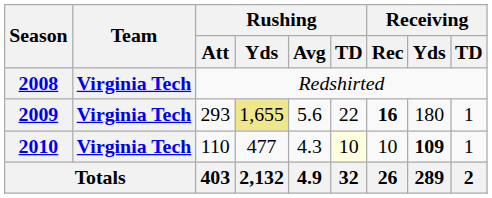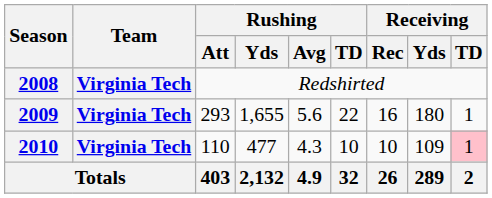 <table class="wikitable" style="text-align:center;">
 <tr>
 <th rowspan="2">Season</th>
 <th rowspan="2">Team</th>
 <th colspan="4">Rushing</th>
 <th colspan="3">Receiving</th>
 </tr>
 <tr>
 <th>Att</th>
 <th>Yds</th>
 <th>Avg</th>
 <th>TD</th>
 <th>Rec</th>
 <th>Yds</th>
 <th>TD</th>
 </tr>
 <tr>
 <th><a href='#'>2008</a></th>
 <th><a href='#'>Virginia Tech</a></th>
 <td colspan="7"><em>Redshirted</em></td>
 </tr>
 <tr>
 <th><a href='#'>2009</a></th>
 <th><a href='#'>Virginia Tech</a></th>
 <td>293</td>
-<td style="background: khaki;">1,655</td>
+<td>1,655</td>
 <td>5.6</td>
 <td>22</td>
-<td><strong>16</strong></td>
+<td>16</td>
 <td>180</td>
 <td>1</td>
 </tr>
 <tr>
 <th><a href='#'>2010</a></th>
 <th><a href='#'>Virginia Tech</a></th>
 <td>110</td>
 <td>477</td>
 <td>4.3</td>
-<td style="background: lightyellow;">10</td>
 <td>10</td>
-<td><strong>109</strong></td>
-<td>1</td>
+<td>10</td>
+<td>109</td>
+<td style="background: pink;">1</td>
 </tr>
 <tr>
 <th colspan="2">Totals</th>
 <th>403</th>
 <th>2,132</th>
 <th>4.9</th>
 <th>32</th>
 <th>26</th>
 <th>289</th>
 <th>2</th>
 </tr>
 </table>
